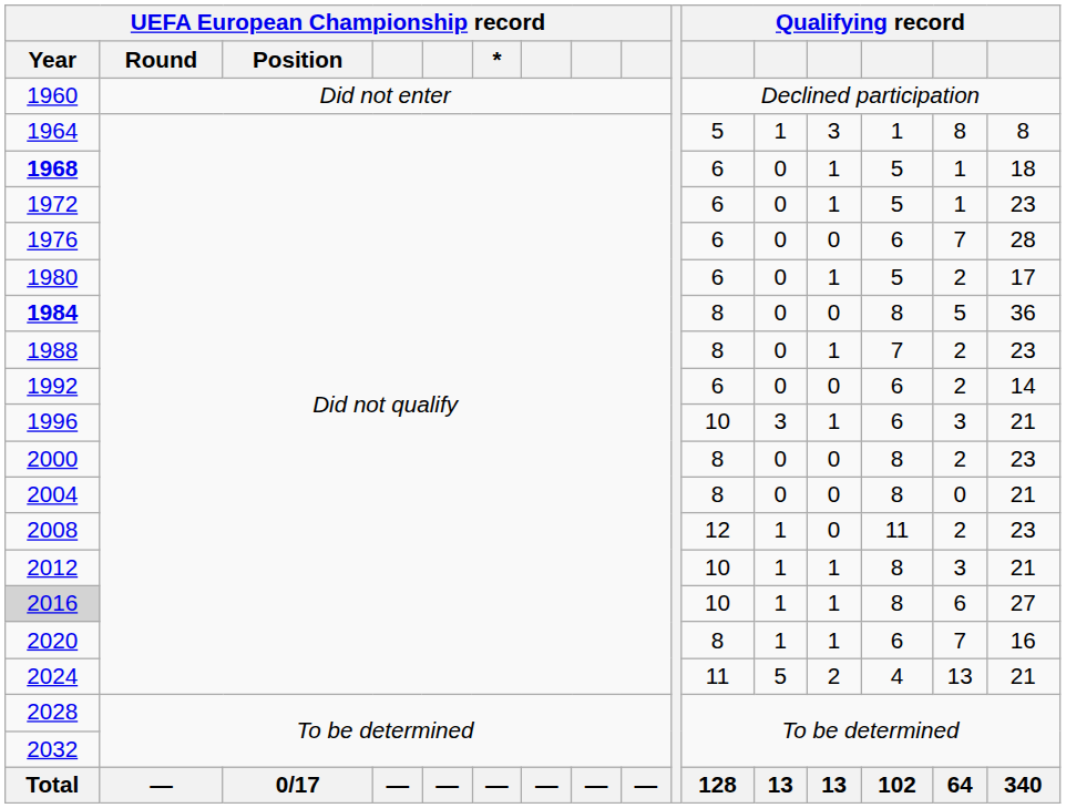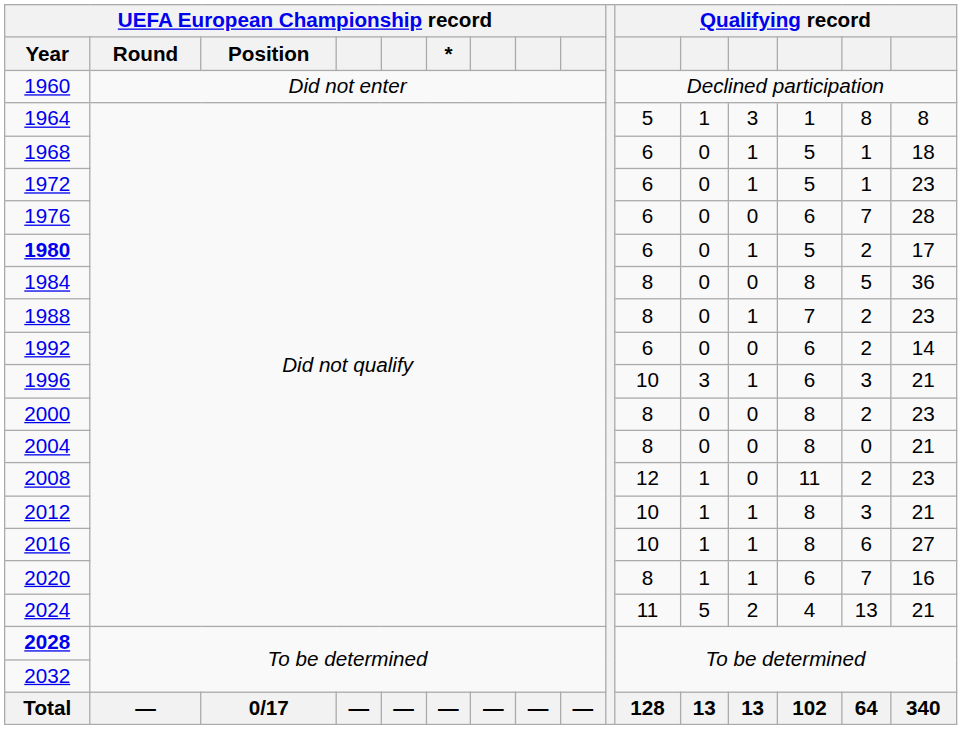 <table class="wikitable" style="text-align: center;">
 <tr>
 <th colspan=9><a href='#'>UEFA European Championship</a> record</th>
 <th width=1% rowspan=22></th>
 <th colspan=6><a href='#'>Qualifying</a> record</th>
 </tr>
 <tr>
 <th>Year</th>
 <th>Round</th>
 <th>Position</th>
 <th></th>
 <th></th>
 <th>*</th>
 <th></th>
 <th></th>
 <th></th>
 <th></th>
 <th></th>
 <th></th>
 <th></th>
 <th></th>
 <th></th>
 </tr>
 <tr>
 <td> <a href='#'>1960</a></td>
 <td colspan=8><em>Did not enter</em></td>
 <td colspan=6><em>Declined participation</em></td>
 </tr>
 <tr>
 <td> <a href='#'>1964</a></td>
 <td colspan="8" rowspan="16"><em>Did not qualify</em></td>
 <td>5</td>
 <td>1</td>
 <td>3</td>
 <td>1</td>
 <td>8</td>
 <td>8</td>
 </tr>
 <tr>
-<td><strong> <a href='#'>1968</a></strong></td>
+<td> <a href='#'>1968</a></td>
 <td>6</td>
 <td>0</td>
 <td>1</td>
 <td>5</td>
 <td>1</td>
 <td>18</td>
 </tr>
 <tr>
 <td> <a href='#'>1972</a></td>
 <td>6</td>
 <td>0</td>
 <td>1</td>
 <td>5</td>
 <td>1</td>
 <td>23</td>
 </tr>
 <tr>
 <td> <a href='#'>1976</a></td>
 <td>6</td>
 <td>0</td>
 <td>0</td>
 <td>6</td>
 <td>7</td>
 <td>28</td>
 </tr>
 <tr>
-<td> <a href='#'>1980</a></td>
+<td><strong> <a href='#'>1980</a></strong></td>
 <td>6</td>
 <td>0</td>
 <td>1</td>
 <td>5</td>
 <td>2</td>
 <td>17</td>
 </tr>
 <tr>
-<td><strong> <a href='#'>1984</a></strong></td>
+<td> <a href='#'>1984</a></td>
 <td>8</td>
 <td>0</td>
 <td>0</td>
 <td>8</td>
 <td>5</td>
 <td>36</td>
 </tr>
 <tr>
 <td> <a href='#'>1988</a></td>
 <td>8</td>
 <td>0</td>
 <td>1</td>
 <td>7</td>
 <td>2</td>
 <td>23</td>
 </tr>
 <tr>
 <td> <a href='#'>1992</a></td>
 <td>6</td>
 <td>0</td>
 <td>0</td>
 <td>6</td>
 <td>2</td>
 <td>14</td>
 </tr>
 <tr>
 <td> <a href='#'>1996</a></td>
 <td>10</td>
 <td>3</td>
 <td>1</td>
 <td>6</td>
 <td>3</td>
 <td>21</td>
 </tr>
 <tr>
 <td>  <a href='#'>2000</a></td>
 <td>8</td>
 <td>0</td>
 <td>0</td>
 <td>8</td>
 <td>2</td>
 <td>23</td>
 </tr>
 <tr>
 <td> <a href='#'>2004</a></td>
 <td>8</td>
 <td>0</td>
 <td>0</td>
 <td>8</td>
 <td>0</td>
 <td>21</td>
 </tr>
 <tr>
 <td>  <a href='#'>2008</a></td>
 <td>12</td>
 <td>1</td>
 <td>0</td>
 <td>11</td>
 <td>2</td>
 <td>23</td>
 </tr>
 <tr>
 <td>  <a href='#'>2012</a></td>
 <td>10</td>
 <td>1</td>
 <td>1</td>
 <td>8</td>
 <td>3</td>
 <td>21</td>
 </tr>
 <tr>
-<td style="background: lightgrey;"> <a href='#'>2016</a></td>
+<td> <a href='#'>2016</a></td>
 <td>10</td>
 <td>1</td>
 <td>1</td>
 <td>8</td>
 <td>6</td>
 <td>27</td>
 </tr>
 <tr>
 <td> <a href='#'>2020</a></td>
 <td>8</td>
 <td>1</td>
 <td>1</td>
 <td>6</td>
 <td>7</td>
 <td>16</td>
 </tr>
 <tr>
 <td> <a href='#'>2024</a></td>
 <td>11</td>
 <td>5</td>
 <td>2</td>
 <td>4</td>
 <td>13</td>
 <td>21</td>
 </tr>
 <tr>
-<td>  <a href='#'>2028</a></td>
+<td><strong>  <a href='#'>2028</a></strong></td>
 <td colspan="8" rowspan="2"><em>To be determined</em></td>
 <td colspan="6" rowspan="2"><em>To be determined</em></td>
 </tr>
 <tr>
 <td>  <a href='#'>2032</a></td>
 </tr>
 <tr>
 <th>Total</th>
 <th>—</th>
 <th>0/17</th>
 <th>—</th>
 <th>—</th>
 <th>—</th>
 <th>—</th>
 <th>—</th>
 <th>—</th>
 <th>128</th>
 <th>13</th>
 <th>13</th>
 <th>102</th>
 <th>64</th>
 <th>340</th>
 </tr>
 </table>
